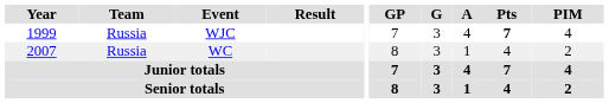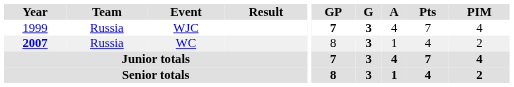 <table border="0" cellpadding="1" cellspacing="0" ID="Table3" style="text-align:center; width:40em">
 <tr ALIGN="center" bgcolor="#e0e0e0">
 <th>Year</th>
 <th>Team</th>
 <th>Event</th>
 <th>Result</th>
 <th rowspan="99" bgcolor="#ffffff"></th>
 <th>GP</th>
 <th>G</th>
 <th>A</th>
 <th>Pts</th>
 <th>PIM</th>
 </tr>
 <tr ALIGN="center">
 <td><a href='#'>1999</a></td>
 <td><a href='#'>Russia</a></td>
 <td><a href='#'>WJC</a></td>
 <td></td>
+<td><strong>7</strong></td>
+<td><strong>3</strong></td>
+<td>4</td>
 <td>7</td>
-<td>3</td>
-<td>4</td>
-<td><strong>7</strong></td>
 <td>4</td>
 </tr>
 <tr ALIGN="center" bgcolor="#f0f0f0">
-<td><a href='#'>2007</a></td>
+<td><strong><a href='#'>2007</a></strong></td>
 <td><a href='#'>Russia</a></td>
 <td><a href='#'>WC</a></td>
 <td></td>
 <td>8</td>
-<td>3</td>
+<td><strong>3</strong></td>
 <td>1</td>
 <td>4</td>
 <td>2</td>
 </tr>
 <tr bgcolor="#e0e0e0">
 <th colspan="4">Junior totals</th>
 <th>7</th>
 <th>3</th>
 <th>4</th>
 <th>7</th>
 <th>4</th>
 </tr>
 <tr bgcolor="#e0e0e0">
 <th colspan="4">Senior totals</th>
 <th>8</th>
 <th>3</th>
 <th>1</th>
 <th>4</th>
 <th>2</th>
 </tr>
 </table>
